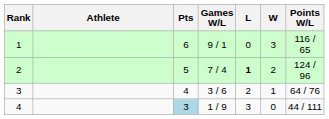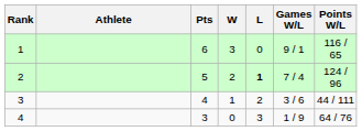 <table class="wikitable" style="text-align: center; font-size:90% ">
 <tr>
 <th width="20">Rank</th>
 <th width="200">Athlete</th>
 <th width="30">Pts</th>
+<th width="30">W</th>
+<th width="30">L</th>
 <th width="40">Games<br>W/L</th>
-<th width="30">L</th>
-<th width="30">W</th>
 <th width="50">Points<br>W/L</th>
 </tr>
 <tr bgcolor=#ccffcc>
 <td>1</td>
 <td align=left></td>
 <td>6</td>
+<td>3</td>
+<td>0</td>
 <td>9 / 1</td>
-<td>0</td>
-<td>3</td>
 <td>116 / 65</td>
 </tr>
 <tr bgcolor=#ccffcc>
 <td>2</td>
 <td align=left></td>
 <td>5</td>
+<td>2</td>
+<td><strong>1</strong></td>
 <td>7 / 4</td>
-<td><strong>1</strong></td>
-<td>2</td>
 <td>124 / 96</td>
 </tr>
 <tr>
 <td>3</td>
 <td align=left></td>
 <td>4</td>
+<td>1</td>
+<td>2</td>
 <td>3 / 6</td>
-<td>2</td>
-<td>1</td>
-<td>64 / 76</td>
+<td>44 / 111</td>
 </tr>
 <tr>
 <td>4</td>
 <td align=left></td>
-<td style="background: lightblue;">3</td>
-<td>1 / 9</td>
 <td>3</td>
 <td>0</td>
-<td>44 / 111</td>
+<td>3</td>
+<td>1 / 9</td>
+<td>64 / 76</td>
 </tr>
 </table>
